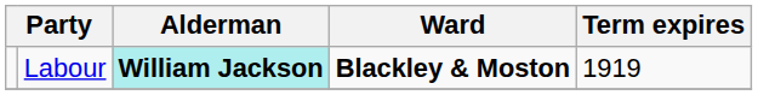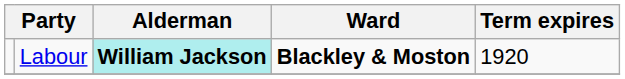 <table class="wikitable">
 <tr>
 <th colspan="2">Party</th>
 <th>Alderman</th>
 <th>Ward</th>
 <th>Term expires</th>
 </tr>
 <tr>
 <td style="background-color:"></td>
 <td><a href='#'>Labour</a></td>
 <td style="background: paleturquoise;"><strong>William Jackson</strong></td>
 <td><strong>Blackley & Moston</strong></td>
-<td>1919</td>
+<td>1920</td>
 </tr>
 <tr>
 </tr>
 </table>
